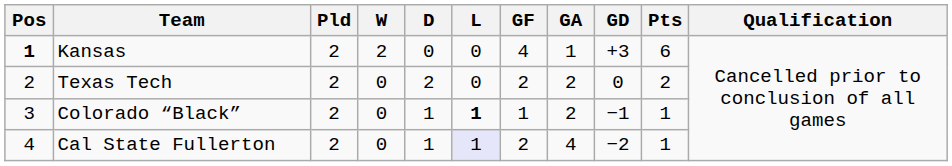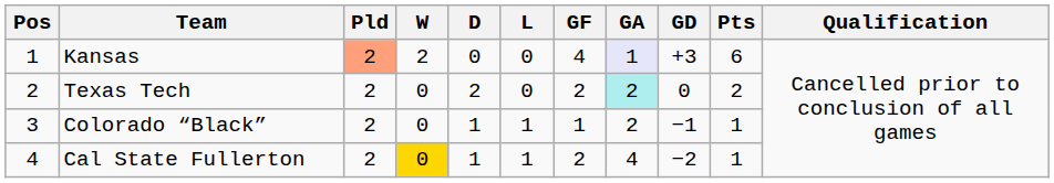 <table class="wikitable" style="text-align:center; margin: 1em auto">
 <tr>
 <th style="width:2em">Pos</th>
 <th style="width:13em">Team</th>
 <th style="width:2em">Pld</th>
 <th style="width:2em">W</th>
 <th style="width:2em">D</th>
 <th style="width:2em">L</th>
 <th style="width:2em">GF</th>
 <th style="width:2em">GA</th>
 <th style="width:2em">GD</th>
 <th style="width:2em">Pts</th>
 <th style="width:13em">Qualification</th>
 </tr>
 <tr>
-<td><strong>1</strong></td>
+<td>1</td>
 <td style="text-align:left">Kansas</td>
-<td>2</td>
+<td style="background: lightsalmon;">2</td>
 <td>2</td>
 <td>0</td>
 <td>0</td>
 <td>4</td>
-<td>1</td>
+<td style="background: lavender;">1</td>
 <td>+3</td>
 <td>6</td>
 <td rowspan="4">Cancelled prior to conclusion of all games</td>
 </tr>
 <tr>
 <td>2</td>
 <td style="text-align:left">Texas Tech</td>
 <td>2</td>
 <td>0</td>
 <td>2</td>
 <td>0</td>
 <td>2</td>
-<td>2</td>
+<td style="background: paleturquoise;">2</td>
 <td>0</td>
 <td>2</td>
 </tr>
 <tr>
 <td>3</td>
 <td style="text-align:left">Colorado “Black”</td>
 <td>2</td>
 <td>0</td>
 <td>1</td>
-<td><strong>1</strong></td>
+<td>1</td>
 <td>1</td>
 <td>2</td>
 <td>−1</td>
 <td>1</td>
 </tr>
 <tr>
 <td>4</td>
 <td style="text-align:left">Cal State Fullerton</td>
 <td>2</td>
-<td>0</td>
+<td style="background: gold;">0</td>
 <td>1</td>
-<td style="background: lavender;">1</td>
+<td>1</td>
 <td>2</td>
 <td>4</td>
 <td>−2</td>
 <td>1</td>
 </tr>
 </table>
